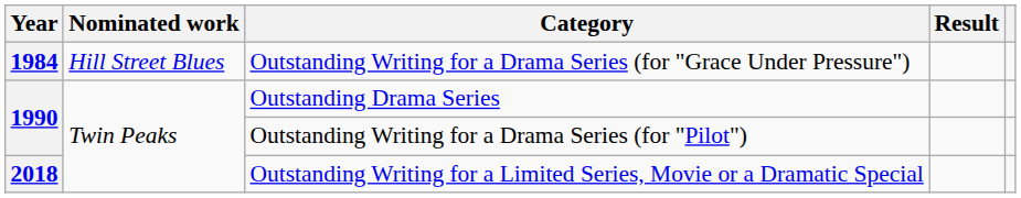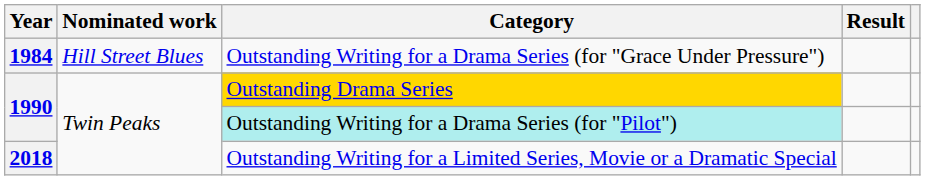 <table class="wikitable sortable plainrowheaders">
 <tr>
 <th scope="col">Year</th>
 <th scope="col">Nominated work</th>
 <th scope="col">Category</th>
 <th scope="col" class="unsortable">Result</th>
 <th scope="col" class="unsortable"></th>
 </tr>
 <tr>
 <th scope="row"><a href='#'>1984</a></th>
 <td><em><a href='#'>Hill Street Blues</a></em></td>
 <td><a href='#'>Outstanding Writing for a Drama Series</a> (for "Grace Under Pressure")</td>
 <td></td>
 <td style="text-align:center"></td>
 </tr>
 <tr>
 <th scope="row" rowspan="2"><a href='#'>1990</a></th>
 <td rowspan="3"><em>Twin Peaks</em></td>
-<td><a href='#'>Outstanding Drama Series</a></td>
+<td style="background: gold;"><a href='#'>Outstanding Drama Series</a></td>
 <td></td>
 <td style="text-align:center"></td>
 </tr>
 <tr>
-<td>Outstanding Writing for a Drama Series (for "<a href='#'>Pilot</a>")</td>
+<td style="background: paleturquoise;">Outstanding Writing for a Drama Series (for "<a href='#'>Pilot</a>")</td>
 <td></td>
 <td style="text-align:center"></td>
 </tr>
 <tr>
 <th scope="row"><a href='#'>2018</a></th>
 <td><a href='#'>Outstanding Writing for a Limited Series, Movie or a Dramatic Special</a></td>
 <td></td>
 <td style="text-align:center"></td>
 </tr>
 </table>
